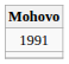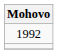 <table class="wikitable" style="margin: 0.5em auto; text-align: center;">
 <tr>
 <th colspan="1">Mohovo</th>
 </tr>
 <tr>
-<td>1991</td>
+<td>1992</td>
 </tr>
 <tr>
 <td></td>
 </tr>
 <tr>
 </tr>
 </table>
